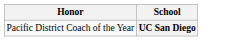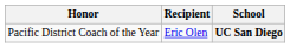 <table class="wikitable" style="white-space:nowrap; font-size:90%;">
 <tr>
 <th>Honor</th>
+<th>Recipient</th>
 <th>School</th>
 </tr>
 <tr>
 <td>Pacific District Coach of the Year</td>
+<td><a href='#'>Eric Olen</a></td>
 <th>UC San Diego</th>
 </tr>
 </table>
